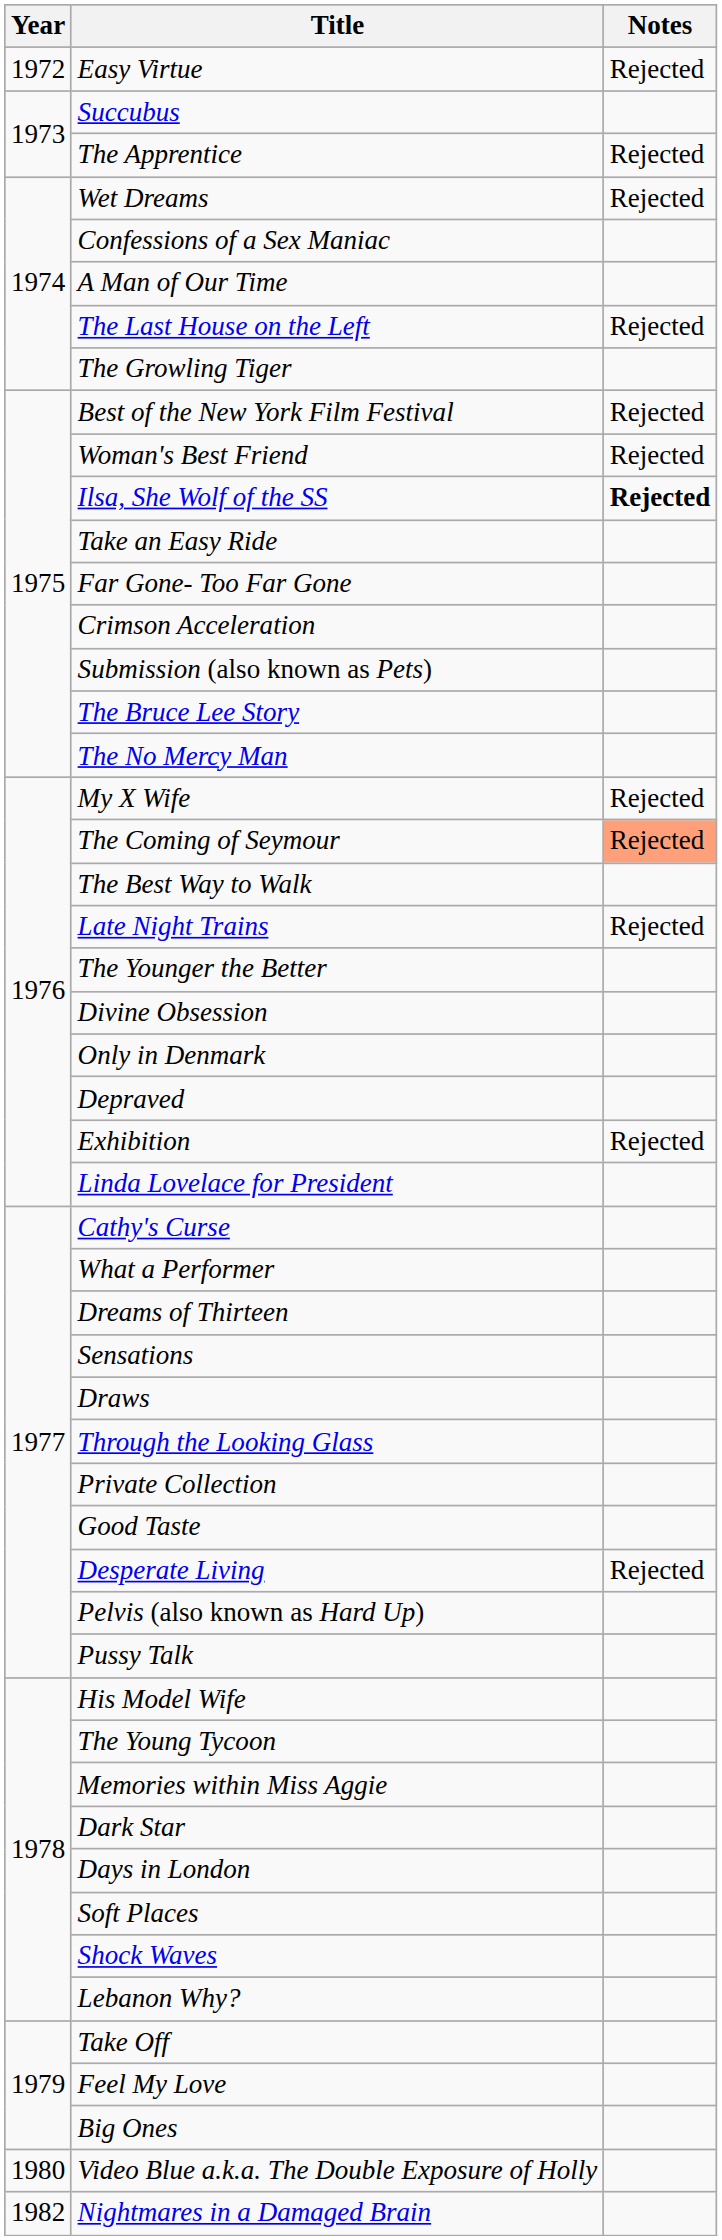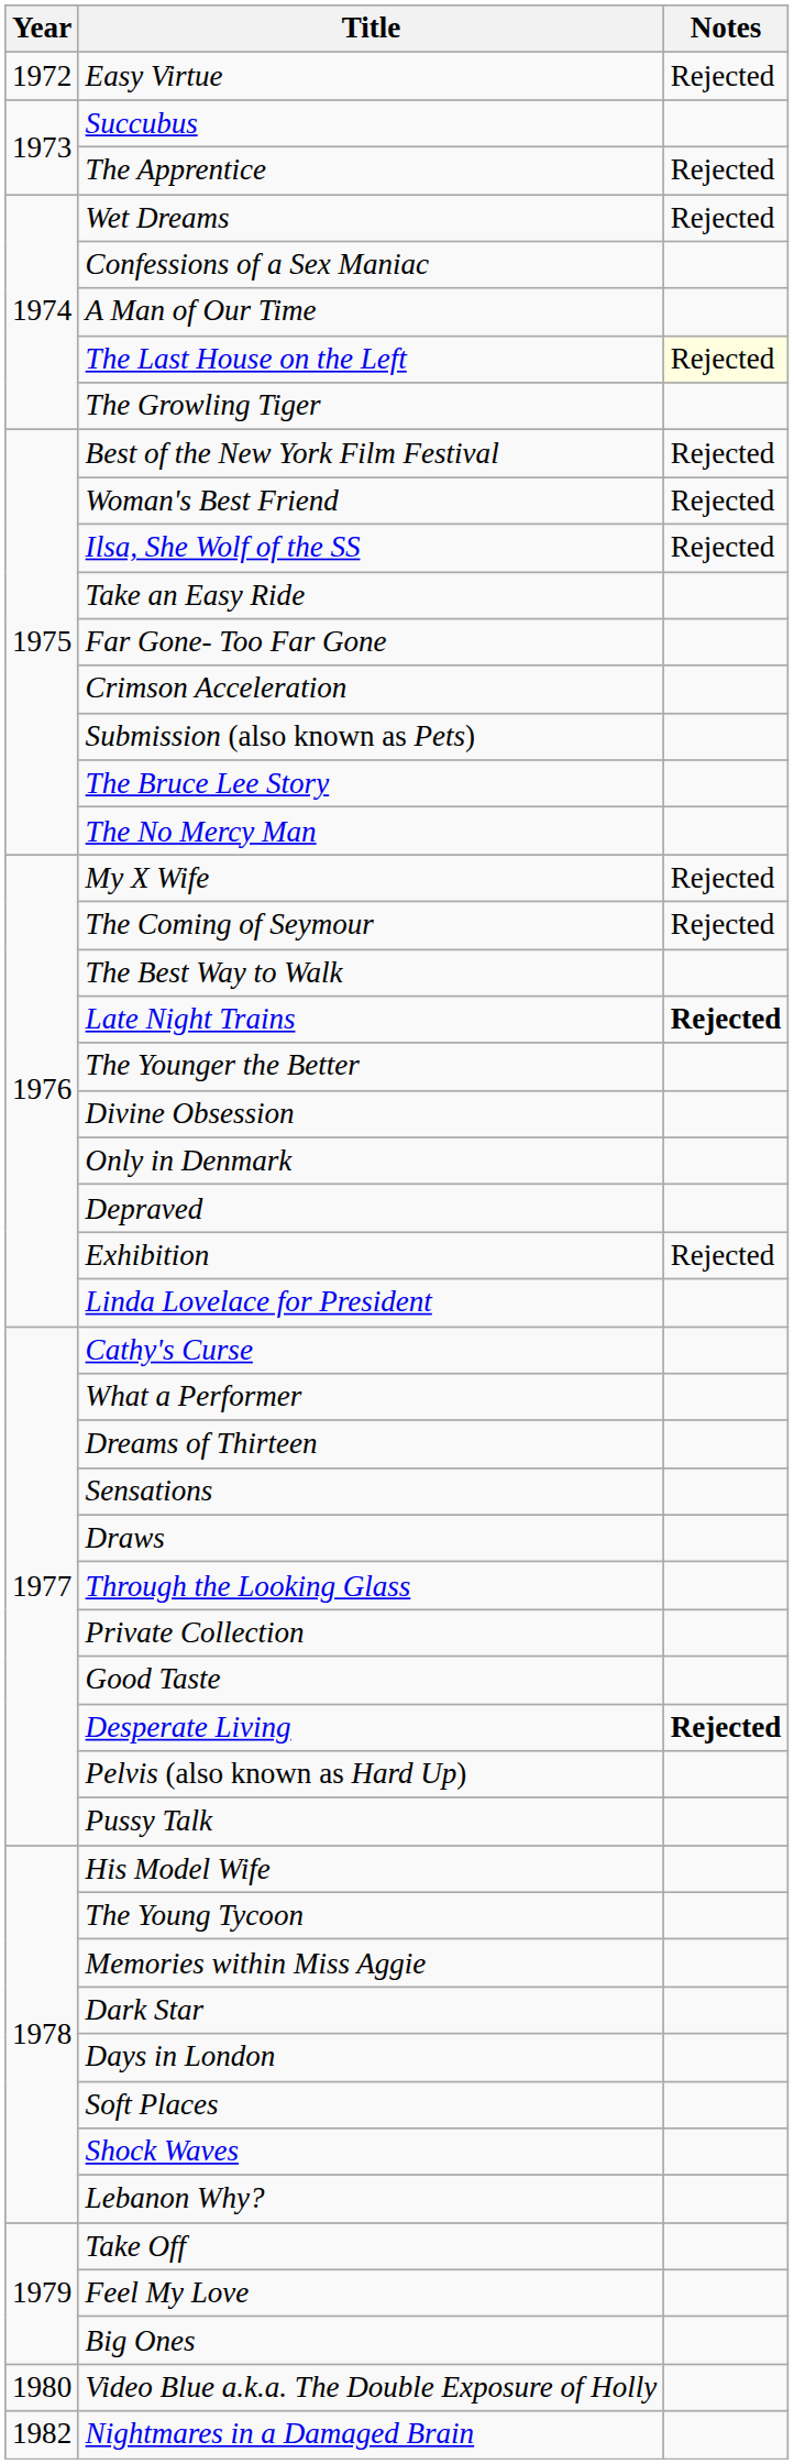 <table class="wikitable">
 <tr>
 <th>Year</th>
 <th>Title</th>
 <th>Notes</th>
 </tr>
 <tr>
 <td>1972</td>
 <td><em>Easy Virtue</em></td>
 <td>Rejected</td>
 </tr>
 <tr>
 <td rowspan="2">1973</td>
 <td><em><a href='#'>Succubus</a></em></td>
 <td></td>
 </tr>
 <tr>
 <td><em>The Apprentice</em></td>
 <td>Rejected</td>
 </tr>
 <tr>
 <td rowspan="5">1974</td>
 <td><em>Wet Dreams</em></td>
 <td>Rejected</td>
 </tr>
 <tr>
 <td><em>Confessions of a Sex Maniac</em></td>
 <td></td>
 </tr>
 <tr>
 <td><em>A Man of Our Time</em></td>
 <td></td>
 </tr>
 <tr>
 <td><em><a href='#'>The Last House on the Left</a></em></td>
-<td>Rejected</td>
+<td style="background: lightyellow;">Rejected</td>
 </tr>
 <tr>
 <td><em>The Growling Tiger</em></td>
 <td></td>
 </tr>
 <tr>
 <td rowspan="9">1975</td>
 <td><em>Best of the New York Film Festival</em></td>
 <td>Rejected</td>
 </tr>
 <tr>
 <td><em>Woman's Best Friend</em></td>
 <td>Rejected</td>
 </tr>
 <tr>
 <td><em><a href='#'>Ilsa, She Wolf of the SS</a></em></td>
-<td><strong>Rejected</strong></td>
+<td>Rejected</td>
 </tr>
 <tr>
 <td><em>Take an Easy Ride</em></td>
 <td></td>
 </tr>
 <tr>
 <td><em>Far Gone- Too Far Gone</em></td>
 <td></td>
 </tr>
 <tr>
 <td><em>Crimson Acceleration</em></td>
 <td></td>
 </tr>
 <tr>
 <td><em>Submission</em> (also known as <em>Pets</em>)</td>
 <td></td>
 </tr>
 <tr>
 <td><em><a href='#'>The Bruce Lee Story</a></em></td>
 <td></td>
 </tr>
 <tr>
 <td><em><a href='#'>The No Mercy Man</a></em></td>
 <td></td>
 </tr>
 <tr>
 <td rowspan="10">1976</td>
 <td><em>My X Wife</em></td>
 <td>Rejected</td>
 </tr>
 <tr>
 <td><em>The Coming of Seymour</em></td>
-<td style="background: lightsalmon;">Rejected</td>
+<td>Rejected</td>
 </tr>
 <tr>
 <td><em>The Best Way to Walk</em></td>
 <td></td>
 </tr>
 <tr>
 <td><em><a href='#'>Late Night Trains</a></em></td>
-<td>Rejected</td>
+<td><strong>Rejected</strong></td>
 </tr>
 <tr>
 <td><em>The Younger the Better</em></td>
 <td></td>
 </tr>
 <tr>
 <td><em>Divine Obsession</em></td>
 <td></td>
 </tr>
 <tr>
 <td><em>Only in Denmark</em></td>
 <td></td>
 </tr>
 <tr>
 <td><em>Depraved</em></td>
 <td></td>
 </tr>
 <tr>
 <td><em>Exhibition</em></td>
 <td>Rejected</td>
 </tr>
 <tr>
 <td><em><a href='#'>Linda Lovelace for President</a></em></td>
 <td></td>
 </tr>
 <tr>
 <td rowspan="11">1977</td>
 <td><em><a href='#'>Cathy's Curse</a></em></td>
 <td></td>
 </tr>
 <tr>
 <td><em>What a Performer</em></td>
 <td></td>
 </tr>
 <tr>
 <td><em>Dreams of Thirteen</em></td>
 <td></td>
 </tr>
 <tr>
 <td><em>Sensations</em></td>
 <td></td>
 </tr>
 <tr>
 <td><em>Draws</em></td>
 <td></td>
 </tr>
 <tr>
 <td><em><a href='#'>Through the Looking Glass</a></em></td>
 <td></td>
 </tr>
 <tr>
 <td><em>Private Collection</em></td>
 <td></td>
 </tr>
 <tr>
 <td><em>Good Taste</em></td>
 <td></td>
 </tr>
 <tr>
 <td><em><a href='#'>Desperate Living</a></em></td>
-<td>Rejected</td>
+<td><strong>Rejected</strong></td>
 </tr>
 <tr>
 <td><em>Pelvis</em> (also known as <em>Hard Up</em>)</td>
 <td></td>
 </tr>
 <tr>
 <td><em>Pussy Talk</em></td>
 <td></td>
 </tr>
 <tr>
 <td rowspan="8">1978</td>
 <td><em>His Model Wife</em></td>
 <td></td>
 </tr>
 <tr>
 <td><em>The Young Tycoon</em></td>
 <td></td>
 </tr>
 <tr>
 <td><em>Memories within Miss Aggie</em></td>
 <td></td>
 </tr>
 <tr>
 <td><em>Dark Star</em></td>
 <td></td>
 </tr>
 <tr>
 <td><em>Days in London</em></td>
 <td></td>
 </tr>
 <tr>
 <td><em>Soft Places</em></td>
 <td></td>
 </tr>
 <tr>
 <td><em><a href='#'>Shock Waves</a></em></td>
 <td></td>
 </tr>
 <tr>
 <td><em>Lebanon Why?</em></td>
 <td></td>
 </tr>
 <tr>
 <td rowspan="3">1979</td>
 <td><em>Take Off</em></td>
 <td></td>
 </tr>
 <tr>
 <td><em>Feel My Love</em></td>
 <td></td>
 </tr>
 <tr>
 <td><em>Big Ones</em></td>
 <td></td>
 </tr>
 <tr>
 <td>1980</td>
 <td><em>Video Blue a.k.a. The Double Exposure of Holly</em></td>
 <td></td>
 </tr>
 <tr>
 <td>1982</td>
 <td><em><a href='#'>Nightmares in a Damaged Brain</a></em></td>
 <td></td>
 </tr>
 </table>
